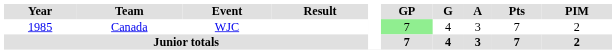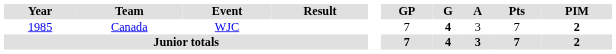 <table border="0" cellpadding="1" cellspacing="0" style="text-align:center; width:50em">
 <tr ALIGN="center" bgcolor="#e0e0e0">
 <th>Year</th>
 <th>Team</th>
 <th>Event</th>
 <th>Result</th>
 <th rowspan="99" bgcolor="#ffffff"> </th>
 <th>GP</th>
 <th>G</th>
 <th>A</th>
 <th>Pts</th>
 <th>PIM</th>
 </tr>
 <tr>
 <td><a href='#'>1985</a></td>
 <td><a href='#'>Canada</a></td>
 <td><a href='#'>WJC</a></td>
 <td></td>
-<td style="background: lightgreen;">7</td>
-<td>4</td>
+<td>7</td>
+<td><strong>4</strong></td>
 <td>3</td>
 <td>7</td>
-<td>2</td>
+<td><strong>2</strong></td>
 </tr>
 <tr bgcolor="#e0e0e0">
 <th colspan=4>Junior totals</th>
 <th>7</th>
 <th>4</th>
 <th>3</th>
 <th>7</th>
 <th>2</th>
 </tr>
 </table>
